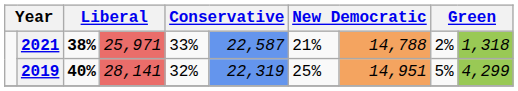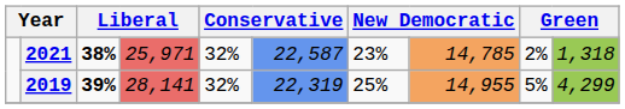 <table class="wikitable" style="float:right; width:400; font-size:90%; margin-left:1em;">
 <tr>
 <th colspan="2" scope="col">Year</th>
 <th colspan="2" scope="col"><a href='#'>Liberal</a></th>
 <th colspan="2" scope="col"><a href='#'>Conservative</a></th>
 <th colspan="2" scope="col"><a href='#'>New Democratic</a></th>
 <th colspan="2" scope="col"><a href='#'>Green</a></th>
 </tr>
 <tr>
 <td rowspan="2" style="width: 0.25em; background-color: "></td>
 <th><a href='#'>2021</a></th>
 <td><strong>38%</strong></td>
 <td style="text-align:right; background:#EA6D6A;"><em>25,971</em></td>
-<td>33%</td>
+<td>32%</td>
 <td style="text-align:right; background:#6495ED;"><em>22,587</em></td>
-<td>21%</td>
-<td style="text-align:right; background:#F4A460;"><em>14,788</em></td>
+<td>23%</td>
+<td style="text-align:right; background:#F4A460;"><em>14,785</em></td>
 <td>2%</td>
 <td style="text-align:right; background:#99C955;"><em>1,318</em></td>
 </tr>
 <tr>
 <th><a href='#'>2019</a></th>
-<td><strong>40%</strong></td>
+<td><strong>39%</strong></td>
 <td style="text-align:right; background:#EA6D6A;"><em>28,141</em></td>
 <td>32%</td>
 <td style="text-align:right; background:#6495ED;"><em>22,319</em></td>
 <td>25%</td>
-<td style="text-align:right; background:#F4A460;"><em>14,951</em></td>
+<td style="text-align:right; background:#F4A460;"><em>14,955</em></td>
 <td>5%</td>
 <td style="text-align:right; background:#99C955;"><em>4,299</em></td>
 </tr>
 <tr>
 </tr>
 </table>
